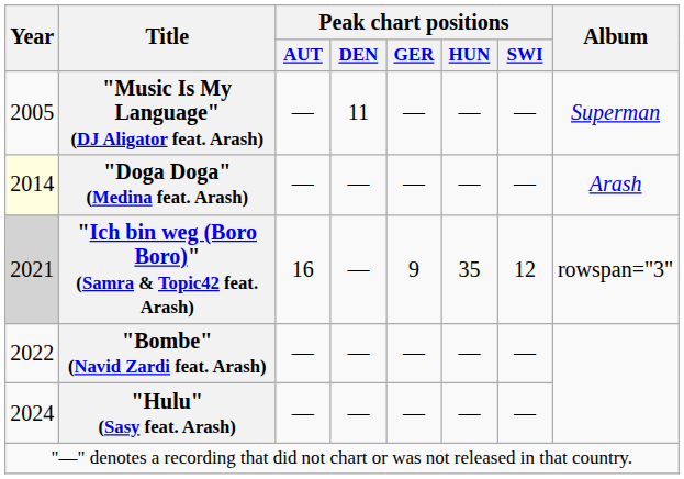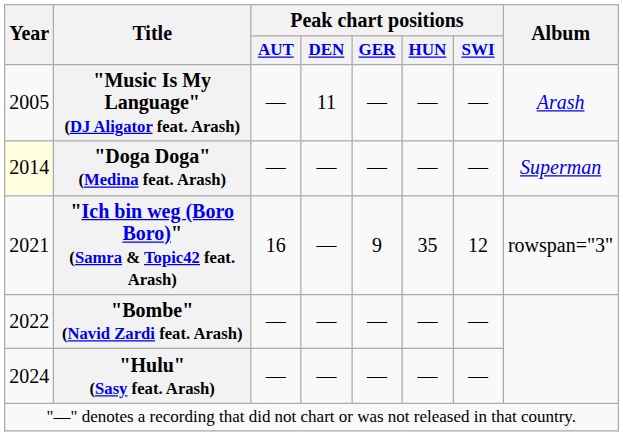 <table class="wikitable plainrowheaders" style="text-align:center;">
 <tr>
 <th scope="col" rowspan="2">Year</th>
 <th scope="col" rowspan="2" style="width:150px;">Title</th>
 <th scope="col" colspan="5">Peak chart positions</th>
 <th scope="col" rowspan="2">Album</th>
 </tr>
 <tr>
 <th style="width:2.5em; font-size:85%"><a href='#'>AUT</a><br></th>
 <th style="width:2.5em; font-size:85%"><a href='#'>DEN</a><br></th>
 <th style="width:2.5em; font-size:85%"><a href='#'>GER</a><br></th>
 <th style="width:2.5em; font-size:85%"><a href='#'>HUN</a><br></th>
 <th style="width:2.5em; font-size:85%"><a href='#'>SWI</a><br></th>
 </tr>
 <tr>
 <td>2005</td>
 <th scope="row">"Music Is My Language" <br><small>(<a href='#'>DJ Aligator</a> feat. Arash)</small></th>
 <td>—</td>
 <td>11</td>
 <td>—</td>
 <td>—</td>
 <td>—</td>
-<td><em><a href='#'>Superman</a></em></td>
+<td align="center"><em><a href='#'>Arash</a></em></td>
 </tr>
 <tr>
 <td style="background: lightyellow;">2014</td>
 <th scope="row">"Doga Doga" <br><small>(<a href='#'>Medina</a> feat. Arash)</small></th>
 <td>—</td>
 <td>—</td>
 <td>—</td>
 <td>—</td>
 <td>—</td>
-<td align="center"><em><a href='#'>Arash</a></em></td>
+<td><em><a href='#'>Superman</a></em></td>
 </tr>
 <tr>
-<td style="background: lightgrey;">2021</td>
+<td>2021</td>
 <th scope="row">"<a href='#'>Ich bin weg (Boro Boro)</a>" <br><small>(<a href='#'>Samra</a> & <a href='#'>Topic42</a> feat. Arash)</small></th>
 <td>16</td>
 <td>—</td>
 <td>9</td>
 <td>35</td>
 <td>12</td>
 <td>rowspan="3" </td>
 </tr>
 <tr>
 <td>2022</td>
 <th scope="row">"Bombe" <br><small>(<a href='#'>Navid Zardi</a> feat. Arash)</small></th>
 <td>—</td>
 <td>—</td>
 <td>—</td>
 <td>—</td>
 <td>—</td>
 </tr>
 <tr>
 <td>2024</td>
 <th scope="row">"Hulu" <br><small>(<a href='#'>Sasy</a> feat. Arash)</small></th>
 <td>—</td>
 <td>—</td>
 <td>—</td>
 <td>—</td>
 <td>—</td>
 </tr>
 <tr>
 <td align="center" colspan="8" style="font-size:85%">"—" denotes a recording that did not chart or was not released in that country.</td>
 </tr>
 </table>
